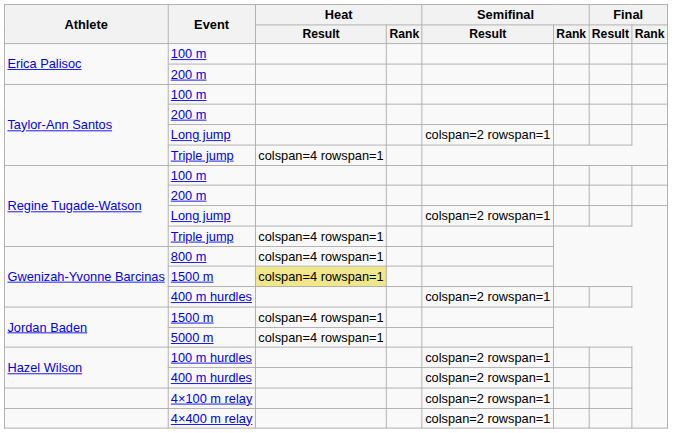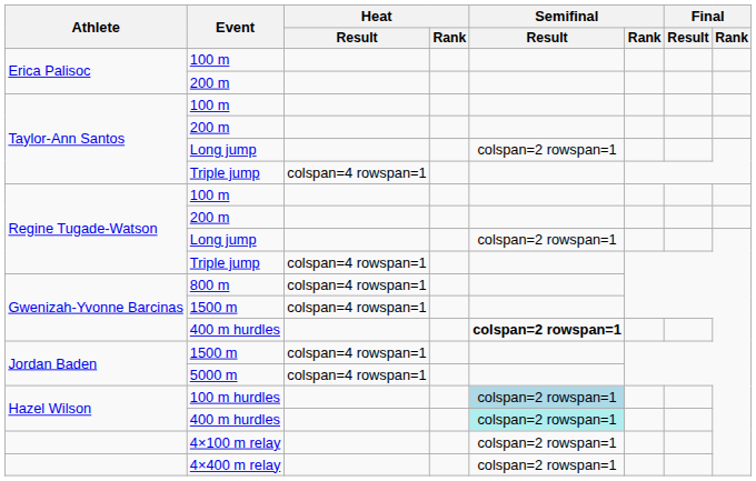 <table class="wikitable" style="font-size:90%">
 <tr>
 <th rowspan="2">Athlete</th>
 <th rowspan="2">Event</th>
 <th colspan="2">Heat</th>
 <th colspan="2">Semifinal</th>
 <th colspan="2">Final</th>
 </tr>
 <tr style="font-size:95%">
 <th>Result</th>
 <th>Rank</th>
 <th>Result</th>
 <th>Rank</th>
 <th>Result</th>
 <th>Rank</th>
 </tr>
 <tr align=center>
 <td align=left rowspan=2><a href='#'>Erica Palisoc</a></td>
 <td align=left><a href='#'>100 m</a></td>
 <td></td>
 <td></td>
 <td></td>
 <td></td>
 <td></td>
 <td></td>
 </tr>
 <tr align=center>
 <td align=left><a href='#'>200 m</a></td>
 <td></td>
 <td></td>
 <td></td>
 <td></td>
 <td></td>
 <td></td>
 </tr>
 <tr align=center>
 <td align=left rowspan=4><a href='#'>Taylor-Ann Santos</a></td>
 <td align=left><a href='#'>100 m</a></td>
 <td></td>
 <td></td>
 <td></td>
 <td></td>
 <td></td>
 <td></td>
 </tr>
 <tr align=center>
 <td align=left><a href='#'>200 m</a></td>
 <td></td>
 <td></td>
 <td></td>
 <td></td>
 <td></td>
 <td></td>
 </tr>
 <tr align=center>
 <td align=left><a href='#'>Long jump</a></td>
 <td></td>
 <td></td>
 <td>colspan=2 rowspan=1 </td>
 <td></td>
 <td></td>
 </tr>
 <tr align=center>
 <td align=left><a href='#'>Triple jump</a></td>
 <td>colspan=4 rowspan=1 </td>
 <td></td>
 <td></td>
 </tr>
 <tr align=center>
 <td align=left rowspan=4><a href='#'>Regine Tugade-Watson</a></td>
 <td align=left><a href='#'>100 m</a></td>
 <td></td>
 <td></td>
 <td></td>
 <td></td>
 <td></td>
 <td></td>
 </tr>
 <tr align=center>
 <td align=left><a href='#'>200 m</a></td>
 <td></td>
 <td></td>
 <td></td>
 <td></td>
 <td></td>
 <td></td>
 </tr>
 <tr align=center>
 <td align=left><a href='#'>Long jump</a></td>
 <td></td>
 <td></td>
 <td>colspan=2 rowspan=1 </td>
 <td></td>
 <td></td>
 </tr>
 <tr align=center>
 <td align=left><a href='#'>Triple jump</a></td>
 <td>colspan=4 rowspan=1 </td>
 <td></td>
 <td></td>
 </tr>
 <tr align=center>
 <td align=left rowspan=3><a href='#'>Gwenizah-Yvonne Barcinas</a></td>
 <td align=left><a href='#'>800 m</a></td>
 <td>colspan=4 rowspan=1 </td>
 <td></td>
 <td></td>
 </tr>
 <tr align=center>
 <td align=left><a href='#'>1500 m</a></td>
-<td style="background: khaki;">colspan=4 rowspan=1 </td>
+<td>colspan=4 rowspan=1 </td>
 <td></td>
 <td></td>
 </tr>
 <tr align=center>
 <td align=left><a href='#'>400 m hurdles</a></td>
 <td></td>
 <td></td>
-<td>colspan=2 rowspan=1 </td>
+<td><strong>colspan=2 rowspan=1 </strong></td>
 <td></td>
 <td></td>
 </tr>
 <tr align=center>
 <td align=left rowspan=2><a href='#'>Jordan Baden</a></td>
 <td align=left><a href='#'>1500 m</a></td>
 <td>colspan=4 rowspan=1 </td>
 <td></td>
 <td></td>
 </tr>
 <tr align=center>
 <td align=left><a href='#'>5000 m</a></td>
 <td>colspan=4 rowspan=1 </td>
 <td></td>
 <td></td>
 </tr>
 <tr align=center>
 <td align=left rowspan=2><a href='#'>Hazel Wilson</a></td>
 <td align=left><a href='#'>100 m hurdles</a></td>
 <td></td>
 <td></td>
-<td>colspan=2 rowspan=1 </td>
+<td style="background: lightblue;">colspan=2 rowspan=1 </td>
 <td></td>
 <td></td>
 </tr>
 <tr align=center>
 <td align=left><a href='#'>400 m hurdles</a></td>
 <td></td>
 <td></td>
-<td>colspan=2 rowspan=1 </td>
+<td style="background: paleturquoise;">colspan=2 rowspan=1 </td>
 <td></td>
 <td></td>
 </tr>
 <tr style=text-align:center>
 <td style=text-align:left></td>
 <td style=text-align:left rowspan=1><a href='#'>4×100 m relay</a></td>
 <td></td>
 <td></td>
 <td>colspan=2 rowspan=1 </td>
 <td></td>
 <td></td>
 </tr>
 <tr style=text-align:center>
 <td style=text-align:left></td>
 <td style=text-align:left rowspan=1><a href='#'>4×400 m relay</a></td>
 <td></td>
 <td></td>
 <td>colspan=2 rowspan=1 </td>
 <td></td>
 <td></td>
 </tr>
 </table>
